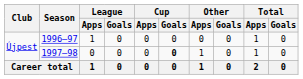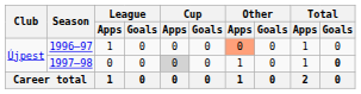 <table class="wikitable" style="text-align: center">
 <tr>
 <th rowspan="2">Club</th>
 <th rowspan="2">Season</th>
 <th colspan="2">League</th>
 <th colspan="2">Cup</th>
 <th colspan="2">Other</th>
 <th colspan="2">Total</th>
 </tr>
 <tr>
 <th>Apps</th>
 <th>Goals</th>
 <th>Apps</th>
 <th>Goals</th>
 <th>Apps</th>
 <th>Goals</th>
 <th>Apps</th>
 <th>Goals</th>
 </tr>
 <tr>
 <td rowspan="2"><a href='#'>Újpest</a></td>
 <td><a href='#'>1996–97</a></td>
 <td>1</td>
 <td>0</td>
 <td>0</td>
 <td>0</td>
-<td>0</td>
+<td style="background: lightsalmon;">0</td>
 <td>0</td>
 <td>1</td>
 <td>0</td>
 </tr>
 <tr>
 <td><a href='#'>1997–98</a></td>
 <td>0</td>
 <td>0</td>
+<td style="background: lightgrey;">0</td>
 <td>0</td>
-<td><strong>0</strong></td>
 <td>1</td>
 <td>0</td>
 <td>1</td>
-<td>0</td>
+<td><strong>0</strong></td>
 </tr>
 <tr>
 <th colspan="2"><strong>Career total</strong></th>
 <th>1</th>
 <th>0</th>
 <th>0</th>
 <th>0</th>
 <th>1</th>
 <th>0</th>
 <th>2</th>
 <th>0</th>
 </tr>
 </table>
